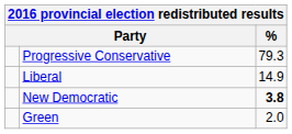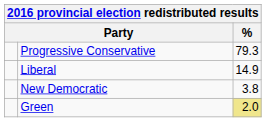 <table class="wikitable">
 <tr>
 <th colspan="4"><a href='#'>2016 provincial election</a> redistributed results</th>
 </tr>
 <tr>
 <th bgcolor="#DDDDFF" width="130px" colspan="2">Party</th>
 <th bgcolor="#DDDDFF" width="30px">%</th>
 </tr>
 <tr>
 <td> </td>
 <td><a href='#'>Progressive Conservative</a></td>
 <td align=right>79.3</td>
 </tr>
 <tr>
 <td> </td>
 <td><a href='#'>Liberal</a></td>
 <td align=right>14.9</td>
 </tr>
 <tr>
 <td> </td>
 <td><a href='#'>New Democratic</a></td>
-<td align=right><strong>3.8</strong></td>
+<td align=right>3.8</td>
 </tr>
 <tr>
 <td> </td>
 <td><a href='#'>Green</a></td>
-<td align=right>2.0</td>
+<td align=right style="background: khaki;">2.0</td>
 </tr>
 </table>
